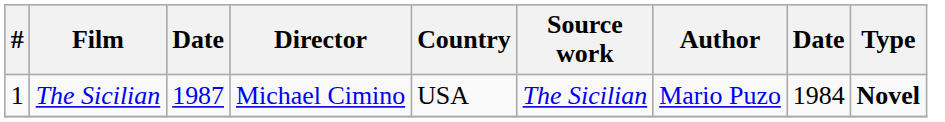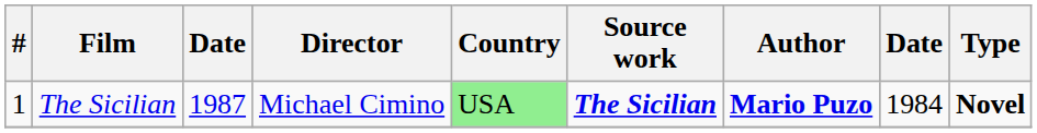 <table class="wikitable">
 <tr>
 <th>#</th>
 <th>Film</th>
 <th>Date</th>
 <th>Director</th>
 <th>Country</th>
 <th>Source<br>work</th>
 <th>Author</th>
 <th>Date</th>
 <th>Type</th>
 </tr>
 <tr>
 <td>1</td>
 <td><em><a href='#'>The Sicilian</a></em></td>
 <td><a href='#'>1987</a></td>
 <td><a href='#'>Michael Cimino</a></td>
-<td>USA</td>
-<td><em><a href='#'>The Sicilian</a></em></td>
-<td><a href='#'>Mario Puzo</a></td>
+<td style="background: lightgreen;">USA</td>
+<td><strong><em><a href='#'>The Sicilian</a></em></strong></td>
+<td><strong><a href='#'>Mario Puzo</a></strong></td>
 <td>1984</td>
 <td><strong>Novel</strong></td>
 </tr>
 <tr>
 </tr>
 </table>
